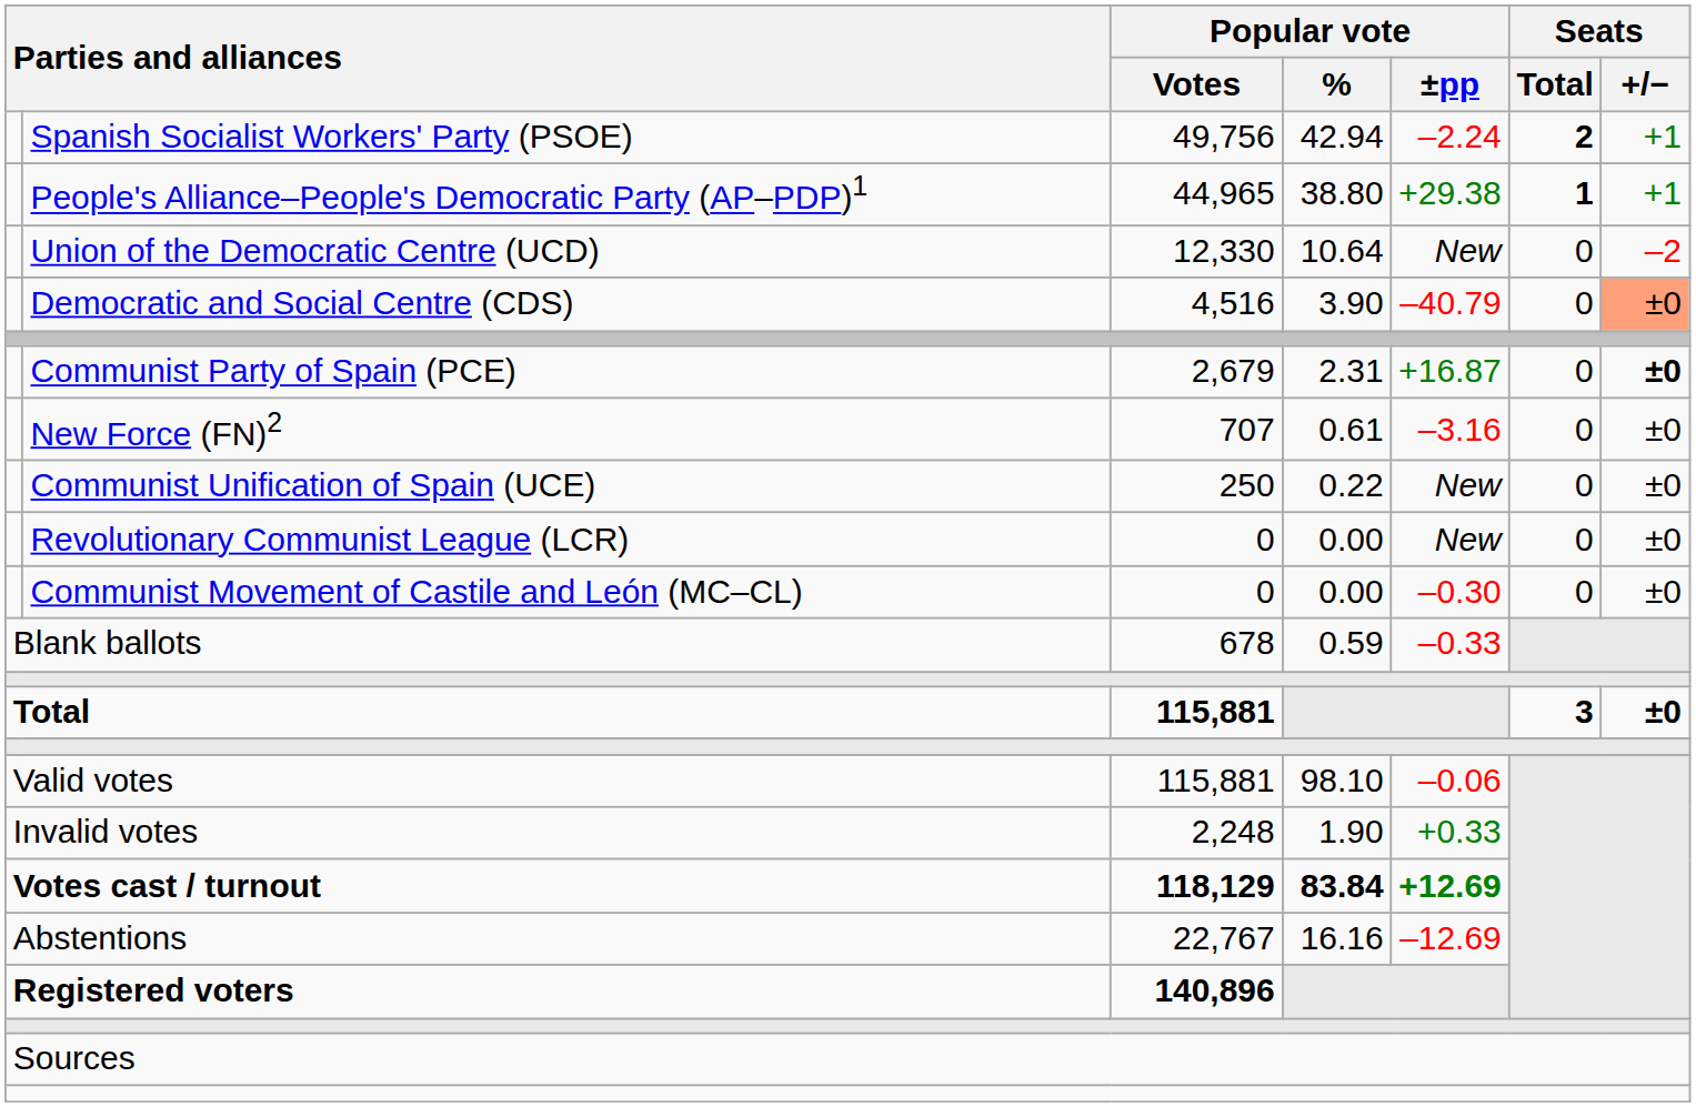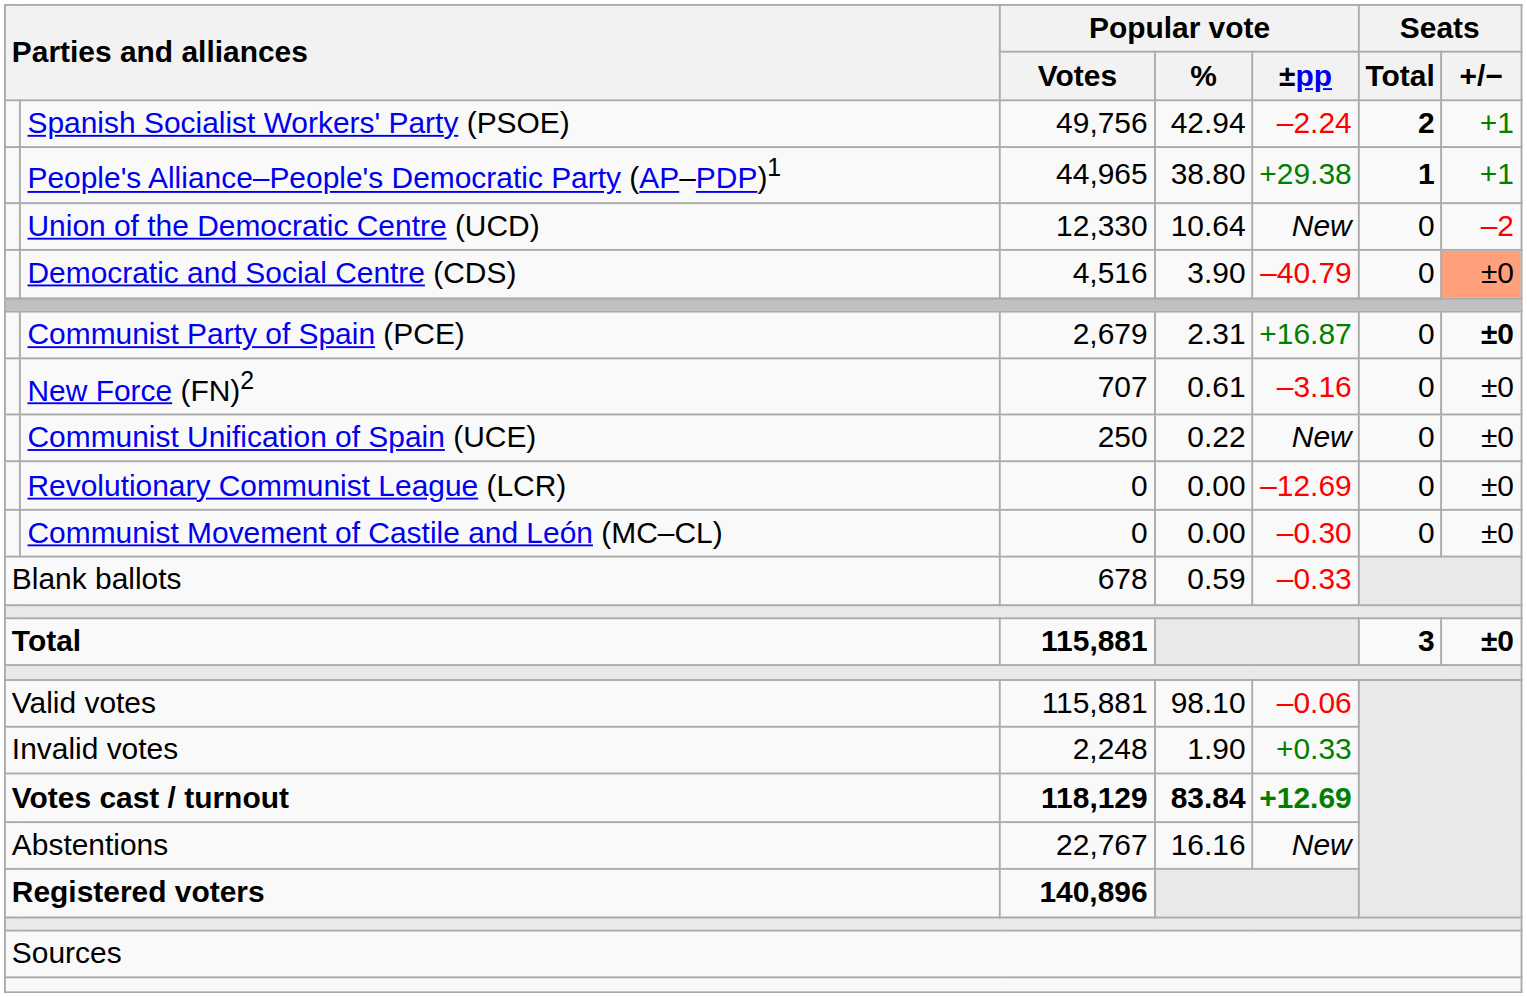 <table class="wikitable" style="text-align:right;">
 <tr>
 <th style="text-align:left;" rowspan="2" colspan="2" width="525">Parties and alliances</th>
 <th colspan="3">Popular vote</th>
 <th colspan="2">Seats</th>
 </tr>
 <tr>
 <th width="75">Votes</th>
 <th width="45">%</th>
 <th width="45">±<a href='#'>pp</a></th>
 <th width="35">Total</th>
 <th width="35">+/−</th>
 </tr>
 <tr>
 <td width="1" style="color:inherit;background:"></td>
 <td align="left"><a href='#'>Spanish Socialist Workers' Party</a> (PSOE)</td>
 <td>49,756</td>
 <td>42.94</td>
 <td style="color:red;">–2.24</td>
 <td><strong>2</strong></td>
 <td style="color:green;">+1</td>
 </tr>
 <tr>
 <td style="color:inherit;background:"></td>
 <td align="left"><a href='#'>People's Alliance–People's Democratic Party</a> (<a href='#'>AP</a>–<a href='#'>PDP</a>)<sup>1</sup></td>
 <td>44,965</td>
 <td>38.80</td>
 <td style="color:green;">+29.38</td>
 <td><strong>1</strong></td>
 <td style="color:green;">+1</td>
 </tr>
 <tr>
 <td style="color:inherit;background:"></td>
 <td align="left"><a href='#'>Union of the Democratic Centre</a> (UCD)</td>
 <td>12,330</td>
 <td>10.64</td>
 <td><em>New</em></td>
 <td>0</td>
 <td style="color:red;">–2</td>
 </tr>
 <tr>
 <td style="color:inherit;background:"></td>
 <td align="left"><a href='#'>Democratic and Social Centre</a> (CDS)</td>
 <td>4,516</td>
 <td>3.90</td>
 <td style="color:red;">–40.79</td>
 <td>0</td>
 <td style="background: lightsalmon;">±0</td>
 </tr>
 <tr>
 <td colspan="7" bgcolor="#C0C0C0"></td>
 </tr>
 <tr>
 <td style="color:inherit;background:"></td>
 <td align="left"><a href='#'>Communist Party of Spain</a> (PCE)</td>
 <td>2,679</td>
 <td>2.31</td>
 <td style="color:green;">+16.87</td>
 <td>0</td>
 <td><strong>±0</strong></td>
 </tr>
 <tr>
 <td style="color:inherit;background:"></td>
 <td align="left"><a href='#'>New Force</a> (FN)<sup>2</sup></td>
 <td>707</td>
 <td>0.61</td>
 <td style="color:red;">–3.16</td>
 <td>0</td>
 <td>±0</td>
 </tr>
 <tr>
 <td style="color:inherit;background:"></td>
 <td align="left"><a href='#'>Communist Unification of Spain</a> (UCE)</td>
 <td>250</td>
 <td>0.22</td>
 <td><em>New</em></td>
 <td>0</td>
 <td>±0</td>
 </tr>
 <tr>
 <td style="color:inherit;background:"></td>
 <td align="left"><a href='#'>Revolutionary Communist League</a> (LCR)</td>
 <td>0</td>
 <td>0.00</td>
-<td><em>New</em></td>
+<td style="color:red;">–12.69</td>
 <td>0</td>
 <td>±0</td>
 </tr>
 <tr>
 <td style="color:inherit;background:"></td>
 <td align="left"><a href='#'>Communist Movement of Castile and León</a> (MC–CL)</td>
 <td>0</td>
 <td>0.00</td>
 <td style="color:red;">–0.30</td>
 <td>0</td>
 <td>±0</td>
 </tr>
 <tr>
 <td align="left" colspan="2">Blank ballots</td>
 <td>678</td>
 <td>0.59</td>
 <td style="color:red;">–0.33</td>
 <td bgcolor="#E9E9E9" colspan="2"></td>
 </tr>
 <tr>
 <td colspan="7" bgcolor="#E9E9E9"></td>
 </tr>
 <tr style="font-weight:bold;">
 <td align="left" colspan="2">Total</td>
 <td>115,881</td>
 <td bgcolor="#E9E9E9" colspan="2"></td>
 <td>3</td>
 <td>±0</td>
 </tr>
 <tr>
 <td colspan="7" bgcolor="#E9E9E9"></td>
 </tr>
 <tr>
 <td align="left" colspan="2">Valid votes</td>
 <td>115,881</td>
 <td>98.10</td>
 <td style="color:red;">–0.06</td>
 <td bgcolor="#E9E9E9" colspan="2" rowspan="5"></td>
 </tr>
 <tr>
 <td align="left" colspan="2">Invalid votes</td>
 <td>2,248</td>
 <td>1.90</td>
 <td style="color:green;">+0.33</td>
 </tr>
 <tr style="font-weight:bold;">
 <td align="left" colspan="2">Votes cast / turnout</td>
 <td>118,129</td>
 <td>83.84</td>
 <td style="color:green;">+12.69</td>
 </tr>
 <tr>
 <td align="left" colspan="2">Abstentions</td>
 <td>22,767</td>
 <td>16.16</td>
-<td style="color:red;">–12.69</td>
+<td><em>New</em></td>
 </tr>
 <tr style="font-weight:bold;">
 <td align="left" colspan="2">Registered voters</td>
 <td>140,896</td>
 <td bgcolor="#E9E9E9" colspan="2"></td>
 </tr>
 <tr>
 <td colspan="7" bgcolor="#E9E9E9"></td>
 </tr>
 <tr>
 <td align="left" colspan="7">Sources</td>
 </tr>
 <tr>
 <td colspan="7" style="text-align:left; max-width:790px;"></td>
 </tr>
 </table>
